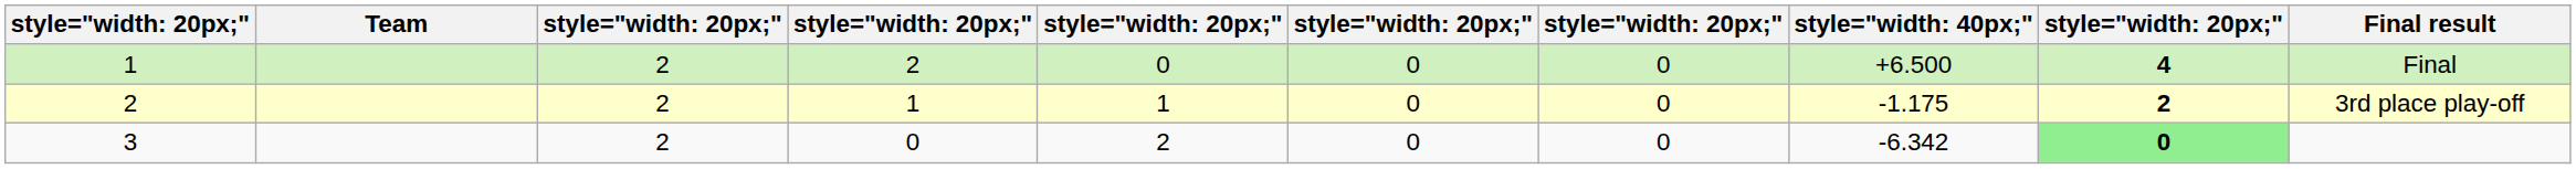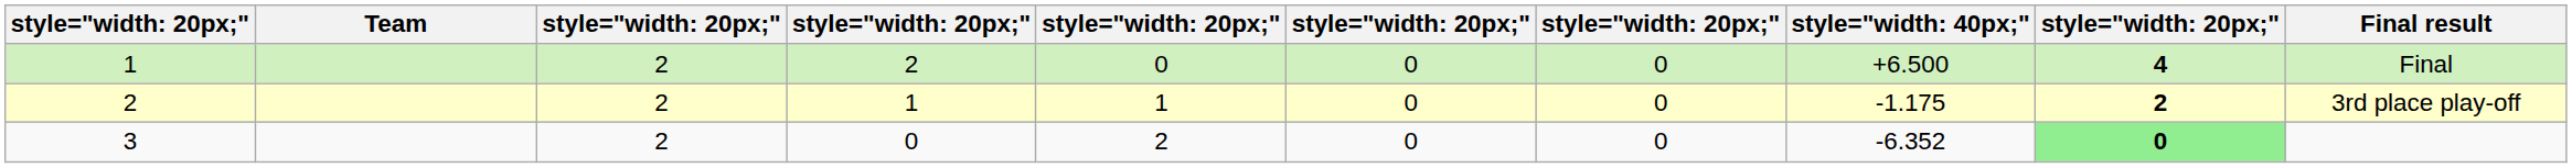 <table class="wikitable" border="1" style="text-align: center;">
 <tr>
 <th>style="width: 20px;"</th>
 <th style="width: 175px;">Team</th>
 <th>style="width: 20px;"</th>
 <th>style="width: 20px;"</th>
 <th>style="width: 20px;"</th>
 <th>style="width: 20px;"</th>
 <th>style="width: 20px;"</th>
 <th>style="width: 40px;"</th>
 <th>style="width: 20px;"</th>
 <th style="width: 175px;">Final result</th>
 </tr>
 <tr style="background:#D0F0C0;">
 <td>1</td>
 <td style="text-align:left"></td>
 <td>2</td>
 <td>2</td>
 <td>0</td>
 <td>0</td>
 <td>0</td>
 <td>+6.500</td>
 <td><strong>4</strong></td>
 <td>Final</td>
 </tr>
 <tr style="background:#ffc;">
 <td>2</td>
 <td style="text-align:left"></td>
 <td>2</td>
 <td>1</td>
 <td>1</td>
 <td>0</td>
 <td>0</td>
 <td>-1.175</td>
 <td><strong>2</strong></td>
 <td>3rd place play-off</td>
 </tr>
 <tr>
 <td>3</td>
 <td style="text-align:left"></td>
 <td>2</td>
 <td>0</td>
 <td>2</td>
 <td>0</td>
 <td>0</td>
-<td>-6.342</td>
+<td>-6.352</td>
 <td style="background: lightgreen;"><strong>0</strong></td>
 </tr>
 </table>
